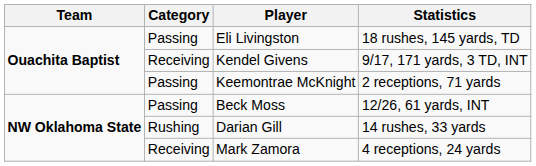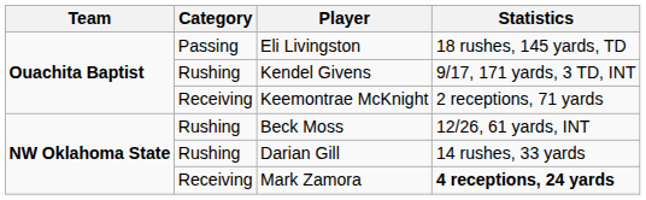 <table class="wikitable" style="float: right;">
 <tr>
 <th>Team</th>
 <th>Category</th>
 <th>Player</th>
 <th>Statistics</th>
 </tr>
 <tr>
 <td rowspan=3><strong>Ouachita Baptist</strong></td>
 <td>Passing</td>
 <td>Eli Livingston</td>
 <td>18 rushes, 145 yards, TD</td>
 </tr>
 <tr>
-<td>Receiving</td>
+<td>Rushing</td>
 <td>Kendel Givens</td>
 <td>9/17, 171 yards, 3 TD, INT</td>
 </tr>
 <tr>
-<td>Passing</td>
+<td>Receiving</td>
 <td>Keemontrae McKnight</td>
 <td>2 receptions, 71 yards</td>
 </tr>
 <tr>
 <td rowspan=3><strong>NW Oklahoma State</strong></td>
-<td>Passing</td>
+<td>Rushing</td>
 <td>Beck Moss</td>
 <td>12/26, 61 yards, INT</td>
 </tr>
 <tr>
 <td>Rushing</td>
 <td>Darian Gill</td>
 <td>14 rushes, 33 yards</td>
 </tr>
 <tr>
 <td>Receiving</td>
 <td>Mark Zamora</td>
-<td>4 receptions, 24 yards</td>
+<td><strong>4 receptions, 24 yards</strong></td>
 </tr>
 </table>
